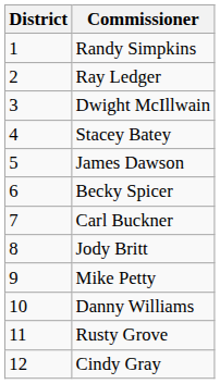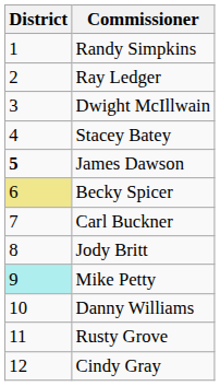 <table class="wikitable">
 <tr>
 <th>District</th>
 <th>Commissioner</th>
 </tr>
 <tr>
 <td>1</td>
 <td>Randy Simpkins</td>
 </tr>
 <tr>
 <td>2</td>
 <td>Ray Ledger</td>
 </tr>
 <tr>
 <td>3</td>
 <td>Dwight McIllwain</td>
 </tr>
 <tr>
 <td>4</td>
 <td>Stacey Batey</td>
 </tr>
 <tr>
-<td>5</td>
+<td><strong>5</strong></td>
 <td>James Dawson</td>
 </tr>
 <tr>
-<td>6</td>
+<td style="background: khaki;">6</td>
 <td>Becky Spicer</td>
 </tr>
 <tr>
 <td>7</td>
 <td>Carl Buckner</td>
 </tr>
 <tr>
 <td>8</td>
 <td>Jody Britt</td>
 </tr>
 <tr>
-<td>9</td>
+<td style="background: paleturquoise;">9</td>
 <td>Mike Petty</td>
 </tr>
 <tr>
 <td>10</td>
 <td>Danny Williams</td>
 </tr>
 <tr>
 <td>11</td>
 <td>Rusty Grove</td>
 </tr>
 <tr>
 <td>12</td>
 <td>Cindy Gray</td>
 </tr>
 </table>
